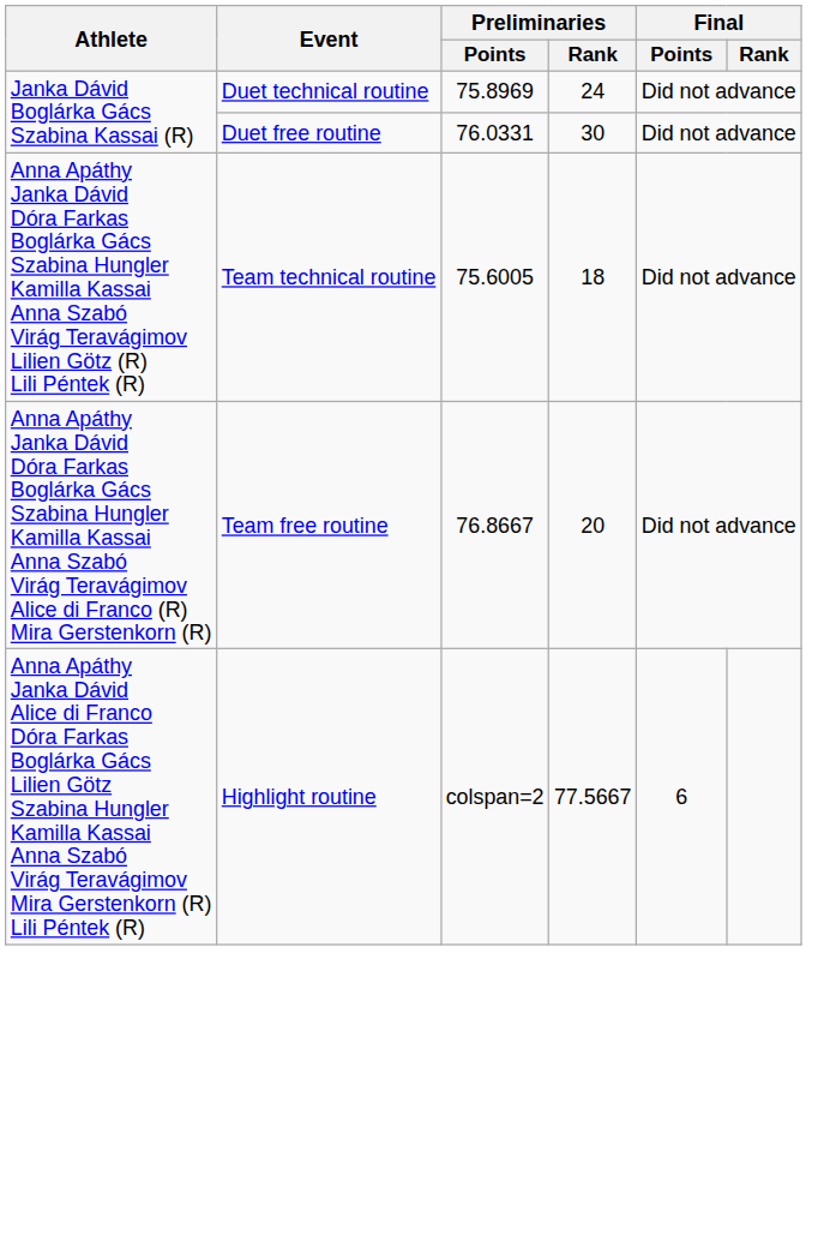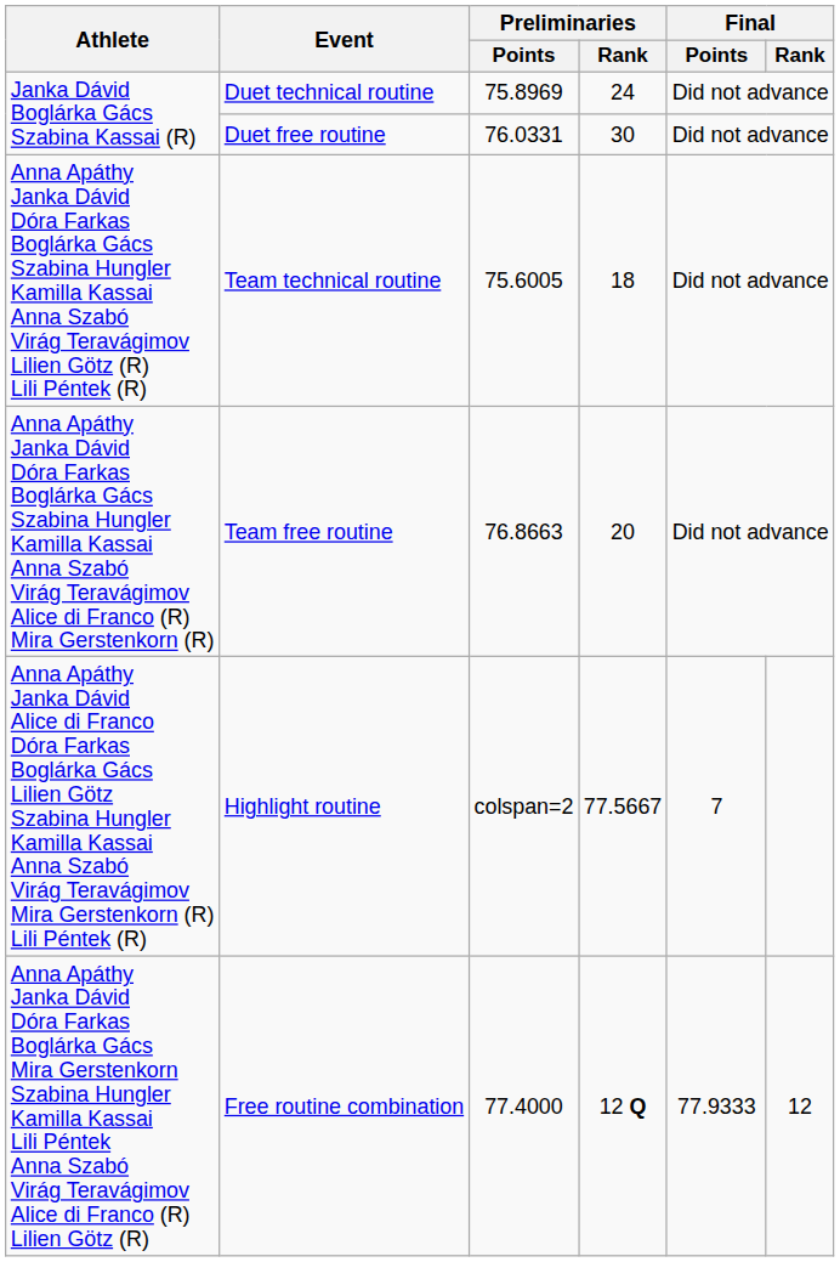 <table class=wikitable style="font-size:90%">
 <tr>
 <th rowspan="2">Athlete</th>
 <th rowspan="2">Event</th>
 <th colspan="2">Preliminaries</th>
 <th colspan="2">Final</th>
 </tr>
 <tr style="font-size:95%">
 <th>Points</th>
 <th>Rank</th>
 <th>Points</th>
 <th>Rank</th>
 </tr>
 <tr align=center>
 <td align=left rowspan=2><a href='#'>Janka Dávid</a><br><a href='#'>Boglárka Gács</a><br><a href='#'>Szabina Kassai</a> (R)</td>
 <td align=left><a href='#'>Duet technical routine</a></td>
 <td>75.8969</td>
 <td>24</td>
 <td colspan=2>Did not advance</td>
 </tr>
 <tr align=center>
 <td align=left><a href='#'>Duet free routine</a></td>
 <td>76.0331</td>
 <td>30</td>
 <td colspan=2>Did not advance</td>
 </tr>
 <tr align=center>
 <td align=left><a href='#'>Anna Apáthy</a><br><a href='#'>Janka Dávid</a><br><a href='#'>Dóra Farkas</a><br><a href='#'>Boglárka Gács</a><br><a href='#'>Szabina Hungler</a><br><a href='#'>Kamilla Kassai</a><br><a href='#'>Anna Szabó</a><br><a href='#'>Virág Teravágimov</a><br><a href='#'>Lilien Götz</a> (R)<br><a href='#'>Lili Péntek</a> (R)</td>
 <td align=left><a href='#'>Team technical routine</a></td>
 <td>75.6005</td>
 <td>18</td>
 <td colspan=2>Did not advance</td>
 </tr>
 <tr align=center>
 <td align=left><a href='#'>Anna Apáthy</a><br><a href='#'>Janka Dávid</a><br><a href='#'>Dóra Farkas</a><br><a href='#'>Boglárka Gács</a><br><a href='#'>Szabina Hungler</a><br><a href='#'>Kamilla Kassai</a><br><a href='#'>Anna Szabó</a><br><a href='#'>Virág Teravágimov</a><br><a href='#'>Alice di Franco</a> (R)<br><a href='#'>Mira Gerstenkorn</a> (R)</td>
 <td align=left><a href='#'>Team free routine</a></td>
-<td>76.8667</td>
+<td>76.8663</td>
 <td>20</td>
 <td colspan=2>Did not advance</td>
 </tr>
 <tr align=center>
 <td align=left><a href='#'>Anna Apáthy</a><br><a href='#'>Janka Dávid</a><br><a href='#'>Alice di Franco</a><br><a href='#'>Dóra Farkas</a><br><a href='#'>Boglárka Gács</a><br><a href='#'>Lilien Götz</a><br><a href='#'>Szabina Hungler</a><br><a href='#'>Kamilla Kassai</a><br><a href='#'>Anna Szabó</a><br><a href='#'>Virág Teravágimov</a><br><a href='#'>Mira Gerstenkorn</a> (R)<br><a href='#'>Lili Péntek</a> (R)</td>
 <td align=left><a href='#'>Highlight routine</a></td>
 <td>colspan=2 </td>
 <td>77.5667</td>
-<td>6</td>
+<td>7</td>
+</tr>
+<tr align=center>
+<td align=left><a href='#'>Anna Apáthy</a><br><a href='#'>Janka Dávid</a><br><a href='#'>Dóra Farkas</a><br><a href='#'>Boglárka Gács</a><br><a href='#'>Mira Gerstenkorn</a><br><a href='#'>Szabina Hungler</a><br><a href='#'>Kamilla Kassai</a><br><a href='#'>Lili Péntek</a><br><a href='#'>Anna Szabó</a><br><a href='#'>Virág Teravágimov</a><br><a href='#'>Alice di Franco</a> (R)<br><a href='#'>Lilien Götz</a> (R)</td>
+<td align=left><a href='#'>Free routine combination</a></td>
+<td>77.4000</td>
+<td>12 <strong>Q</strong></td>
+<td>77.9333</td>
+<td>12</td>
 </tr>
 </table>
